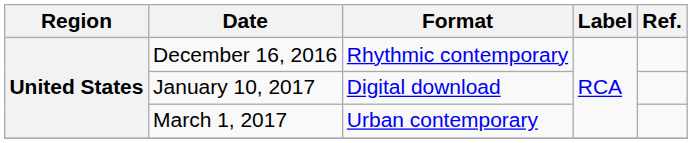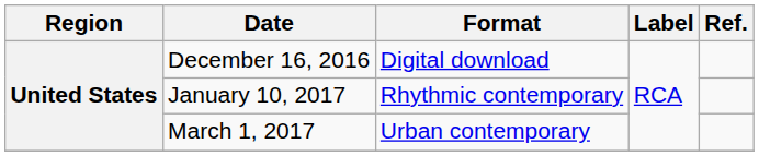 <table class="wikitable plainrowheaders">
 <tr>
 <th>Region</th>
 <th>Date</th>
 <th>Format</th>
 <th>Label</th>
 <th>Ref.</th>
 </tr>
 <tr>
 <th scope="row" rowspan="3">United States</th>
 <td>December 16, 2016</td>
-<td><a href='#'>Rhythmic contemporary</a></td>
+<td><a href='#'>Digital download</a></td>
 <td rowspan="3"><a href='#'>RCA</a></td>
 <td style="text-align:center;"></td>
 </tr>
 <tr>
 <td>January 10, 2017</td>
-<td><a href='#'>Digital download</a></td>
+<td><a href='#'>Rhythmic contemporary</a></td>
 <td style="text-align:center;"></td>
 </tr>
 <tr>
 <td>March 1, 2017</td>
 <td><a href='#'>Urban contemporary</a></td>
 <td style="text-align:center;"></td>
 </tr>
 <tr>
 </tr>
 </table>
